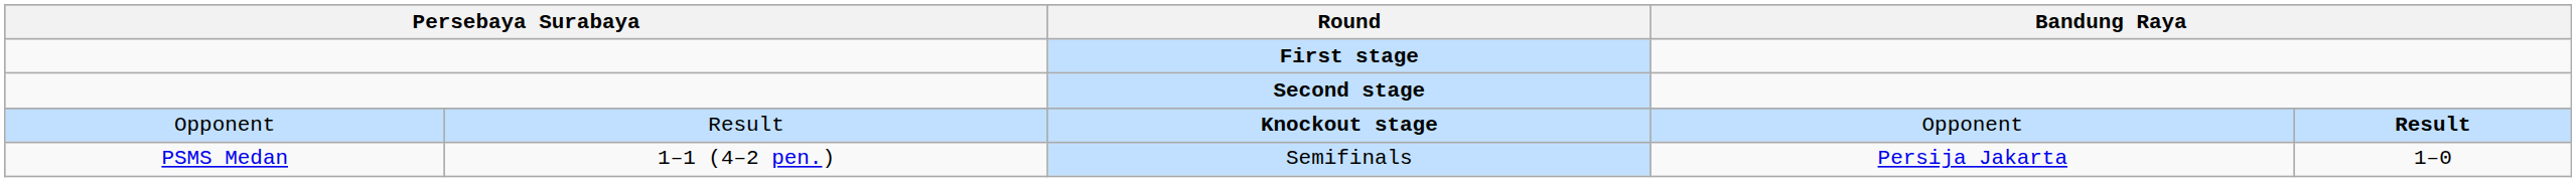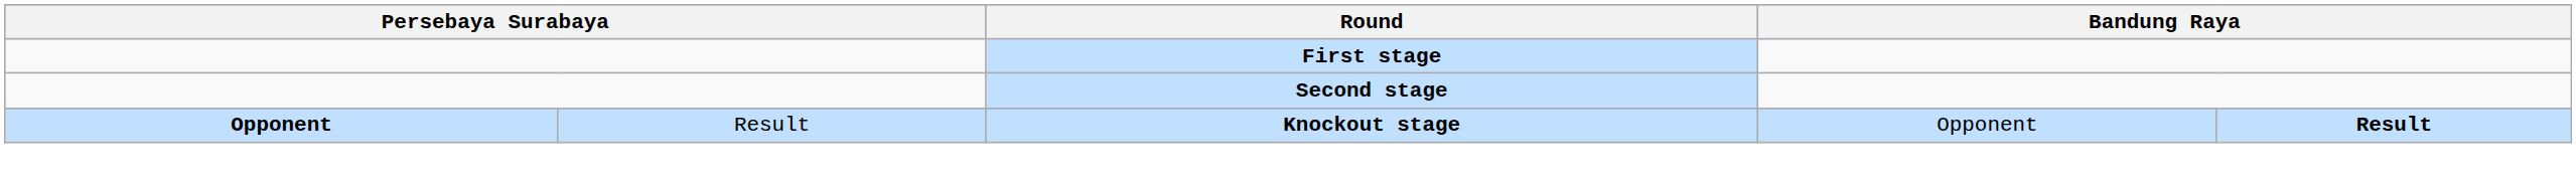 <table class="wikitable" width="100%" style="text-align:center">
 <tr valign=top bgcolor=#c1e0ff>
 <th colspan="2" style="width:1*">Persebaya Surabaya</th>
 <th><strong>Round</strong></th>
 <th colspan="2" style="width:1*">Bandung Raya</th>
 </tr>
 <tr>
 <td colspan="2" align="center"><br> </td>
 <td bgcolor=#c1e0ff><strong>First stage</strong></td>
 <td colspan="2" align="center"><br></td>
 </tr>
 <tr>
 <td colspan="2" align="center"><br> </td>
 <td bgcolor=#c1e0ff><strong>Second stage</strong></td>
 <td colspan="2" align="center"><br> </td>
 </tr>
 <tr valign=top bgcolor=#c1e0ff>
-<td>Opponent</td>
+<td><strong>Opponent</strong></td>
 <td>Result</td>
 <td bgcolor="#c1e0ff"><strong>Knockout stage</strong></td>
 <td>Opponent</td>
 <td><strong>Result</strong></td>
 </tr>
-<tr>
-<td><a href='#'>PSMS Medan</a></td>
-<td>1–1 (4–2 <a href='#'>pen.</a>)</td>
-<td bgcolor=#c1e0ff>Semifinals</td>
-<td><a href='#'>Persija Jakarta</a></td>
-<td>1–0</td>
-</tr>
 </table>
